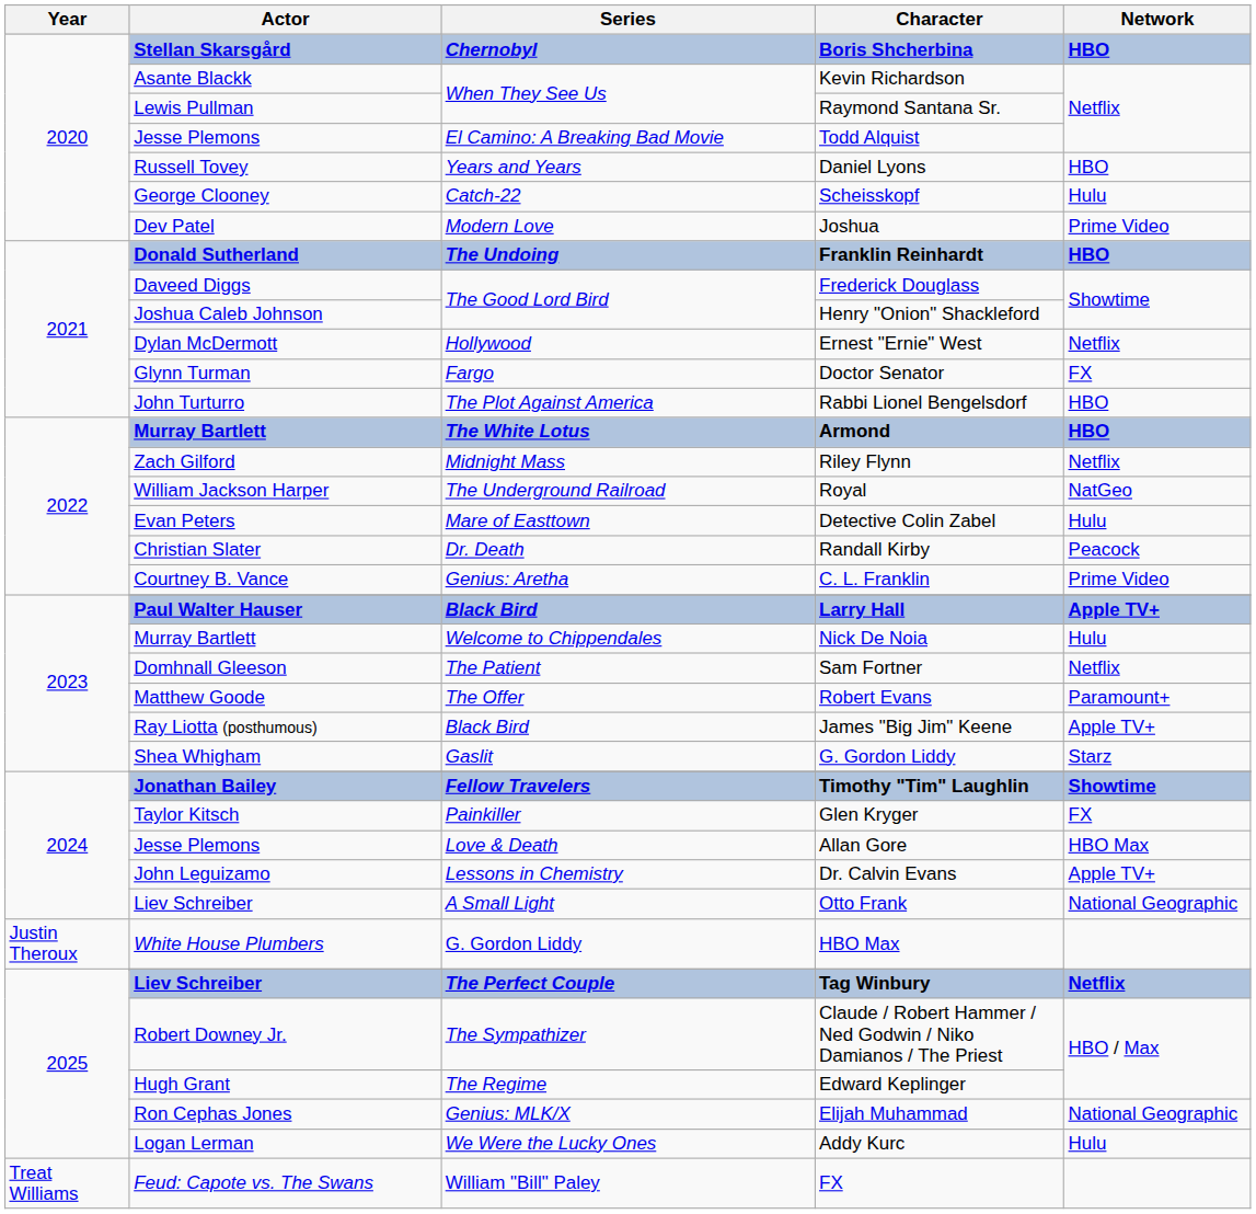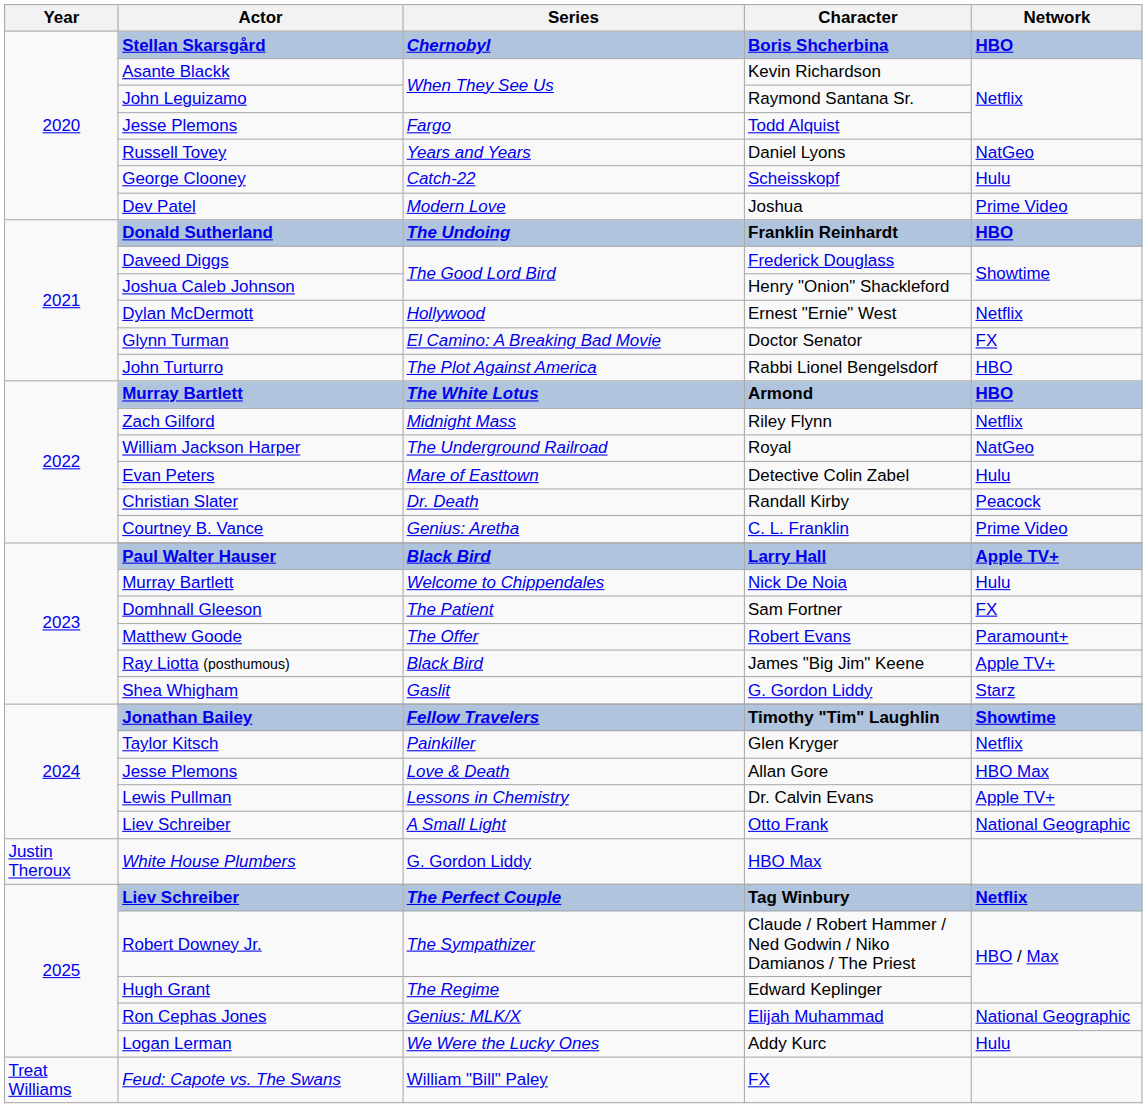 <table class="wikitable" style="width:85%">
 <tr style="background:#bebebe;">
 <th style="width:10%;">Year</th>
 <th style="wodth:25%;">Actor</th>
 <th style="width:30%;">Series</th>
 <th style="width:20%;">Character</th>
 <th style="width:15%;">Network</th>
 </tr>
 <tr>
 <td rowspan="7" style="text-align:center;"><a href='#'>2020</a><br></td>
 <td style="background:#B0C4DE;"><strong><a href='#'>Stellan Skarsgård</a></strong></td>
 <td style="background:#B0C4DE;"><strong><em><a href='#'>Chernobyl</a></em></strong></td>
 <td style="background:#B0C4DE;"><strong><a href='#'>Boris Shcherbina</a></strong></td>
 <td style="background:#B0C4DE;"><strong><a href='#'>HBO</a></strong></td>
 </tr>
 <tr>
 <td><a href='#'>Asante Blackk</a></td>
 <td rowspan="2"><em><a href='#'>When They See Us</a></em></td>
 <td>Kevin Richardson</td>
 <td rowspan="3"><a href='#'>Netflix</a></td>
 </tr>
 <tr>
-<td><a href='#'>Lewis Pullman</a></td>
+<td><a href='#'>John Leguizamo</a></td>
 <td>Raymond Santana Sr.</td>
 </tr>
 <tr>
 <td><a href='#'>Jesse Plemons</a></td>
-<td><em><a href='#'>El Camino: A Breaking Bad Movie</a></em></td>
+<td><em><a href='#'>Fargo</a></em></td>
 <td><a href='#'>Todd Alquist</a></td>
 </tr>
 <tr>
 <td><a href='#'>Russell Tovey</a></td>
 <td><em><a href='#'>Years and Years</a></em></td>
 <td>Daniel Lyons</td>
-<td><a href='#'>HBO</a></td>
+<td><a href='#'>NatGeo</a></td>
 </tr>
 <tr>
 <td><a href='#'>George Clooney</a></td>
 <td><em><a href='#'>Catch-22</a></em></td>
 <td><a href='#'>Scheisskopf</a></td>
 <td><a href='#'>Hulu</a></td>
 </tr>
 <tr>
 <td><a href='#'>Dev Patel</a></td>
 <td><em><a href='#'>Modern Love</a></em></td>
 <td>Joshua</td>
 <td><a href='#'>Prime Video</a></td>
 </tr>
 <tr>
 <td rowspan="6" style="text-align:center;"><a href='#'>2021</a><br></td>
 <td style="background:#B0C4DE;"><strong><a href='#'>Donald Sutherland</a></strong></td>
 <td style="background:#B0C4DE;"><strong><em><a href='#'>The Undoing</a></em></strong></td>
 <td style="background:#B0C4DE;"><strong>Franklin Reinhardt</strong></td>
 <td style="background:#B0C4DE;"><strong><a href='#'>HBO</a></strong></td>
 </tr>
 <tr>
 <td><a href='#'>Daveed Diggs</a></td>
 <td rowspan="2"><em><a href='#'>The Good Lord Bird</a></em></td>
 <td><a href='#'>Frederick Douglass</a></td>
 <td rowspan="2"><a href='#'>Showtime</a></td>
 </tr>
 <tr>
 <td><a href='#'>Joshua Caleb Johnson</a></td>
 <td>Henry "Onion" Shackleford</td>
 </tr>
 <tr>
 <td><a href='#'>Dylan McDermott</a></td>
 <td><em><a href='#'>Hollywood</a></em></td>
 <td>Ernest "Ernie" West</td>
 <td><a href='#'>Netflix</a></td>
 </tr>
 <tr>
 <td><a href='#'>Glynn Turman</a></td>
-<td><em><a href='#'>Fargo</a></em></td>
+<td><em><a href='#'>El Camino: A Breaking Bad Movie</a></em></td>
 <td>Doctor Senator</td>
 <td><a href='#'>FX</a></td>
 </tr>
 <tr>
 <td><a href='#'>John Turturro</a></td>
 <td><em><a href='#'>The Plot Against America</a></em></td>
 <td>Rabbi Lionel Bengelsdorf</td>
 <td><a href='#'>HBO</a></td>
 </tr>
 <tr>
 <td rowspan="6" style="text-align:center;"><a href='#'>2022</a><br></td>
 <td style="background:#B0C4DE;"><strong><a href='#'>Murray Bartlett</a></strong></td>
 <td style="background:#B0C4DE;"><strong><em><a href='#'>The White Lotus</a></em></strong></td>
 <td style="background:#B0C4DE;"><strong>Armond</strong></td>
 <td style="background:#B0C4DE;"><strong><a href='#'>HBO</a></strong></td>
 </tr>
 <tr>
 <td><a href='#'>Zach Gilford</a></td>
 <td><em><a href='#'>Midnight Mass</a></em></td>
 <td>Riley Flynn</td>
 <td><a href='#'>Netflix</a></td>
 </tr>
 <tr>
 <td><a href='#'>William Jackson Harper</a></td>
 <td><em><a href='#'>The Underground Railroad</a></em></td>
 <td>Royal</td>
 <td><a href='#'>NatGeo</a></td>
 </tr>
 <tr>
 <td><a href='#'>Evan Peters</a></td>
 <td><em><a href='#'>Mare of Easttown</a></em></td>
 <td>Detective Colin Zabel</td>
 <td><a href='#'>Hulu</a></td>
 </tr>
 <tr>
 <td><a href='#'>Christian Slater</a></td>
 <td><em><a href='#'>Dr. Death</a></em></td>
 <td>Randall Kirby</td>
 <td><a href='#'>Peacock</a></td>
 </tr>
 <tr>
 <td><a href='#'>Courtney B. Vance</a></td>
 <td><em><a href='#'>Genius: Aretha</a></em></td>
 <td><a href='#'>C. L. Franklin</a></td>
 <td><a href='#'>Prime Video</a></td>
 </tr>
 <tr>
 <td rowspan="7" style="text-align:center;"><a href='#'>2023</a><br></td>
 </tr>
 <tr style="background:#B0C4DE;">
 <td><strong><a href='#'>Paul Walter Hauser</a></strong></td>
 <td><strong><em><a href='#'>Black Bird</a></em></strong></td>
 <td><strong><a href='#'>Larry Hall</a></strong></td>
 <td><strong><a href='#'>Apple TV+</a></strong></td>
 </tr>
 <tr>
 <td><a href='#'>Murray Bartlett</a></td>
 <td><em><a href='#'>Welcome to Chippendales</a></em></td>
 <td><a href='#'>Nick De Noia</a></td>
 <td><a href='#'>Hulu</a></td>
 </tr>
 <tr>
 <td><a href='#'>Domhnall Gleeson</a></td>
 <td><em><a href='#'>The Patient</a></em></td>
 <td>Sam Fortner</td>
-<td><a href='#'>Netflix</a></td>
+<td><a href='#'>FX</a></td>
 </tr>
 <tr>
 <td><a href='#'>Matthew Goode</a></td>
 <td><em><a href='#'>The Offer</a></em></td>
 <td><a href='#'>Robert Evans</a></td>
 <td><a href='#'>Paramount+</a></td>
 </tr>
 <tr>
 <td><a href='#'>Ray Liotta</a> <small>(posthumous)</small></td>
 <td><em><a href='#'>Black Bird</a></em></td>
 <td>James "Big Jim" Keene</td>
 <td><a href='#'>Apple TV+</a></td>
 </tr>
 <tr>
 <td><a href='#'>Shea Whigham</a></td>
 <td><em><a href='#'>Gaslit</a></em></td>
 <td><a href='#'>G. Gordon Liddy</a></td>
 <td><a href='#'>Starz</a></td>
 </tr>
 <tr>
 <td rowspan="7" style="text-align:center;"><a href='#'>2024</a><br></td>
 </tr>
 <tr>
 </tr>
 <tr style="background:#B0C4DE;">
 <td><strong><a href='#'>Jonathan Bailey</a></strong></td>
 <td><strong><em><a href='#'>Fellow Travelers</a></em></strong></td>
 <td><strong>Timothy "Tim" Laughlin</strong></td>
 <td><strong><a href='#'>Showtime</a></strong></td>
 </tr>
 <tr>
 <td><a href='#'>Taylor Kitsch</a></td>
 <td><em><a href='#'>Painkiller</a></em></td>
 <td>Glen Kryger</td>
-<td><a href='#'>FX</a></td>
+<td><a href='#'>Netflix</a></td>
 </tr>
 <tr>
 <td><a href='#'>Jesse Plemons</a></td>
 <td><em><a href='#'>Love & Death</a></em></td>
 <td>Allan Gore</td>
 <td><a href='#'>HBO Max</a></td>
 </tr>
 <tr>
-<td><a href='#'>John Leguizamo</a></td>
+<td><a href='#'>Lewis Pullman</a></td>
 <td><em><a href='#'>Lessons in Chemistry</a></em></td>
 <td>Dr. Calvin Evans</td>
 <td><a href='#'>Apple TV+</a></td>
 </tr>
 <tr>
 <td><a href='#'>Liev Schreiber</a></td>
 <td><em><a href='#'>A Small Light</a></em></td>
 <td><a href='#'>Otto Frank</a></td>
 <td><a href='#'>National Geographic</a></td>
 </tr>
 <tr>
 <td><a href='#'>Justin Theroux</a></td>
 <td><em><a href='#'>White House Plumbers</a></em></td>
 <td><a href='#'>G. Gordon Liddy</a></td>
 <td><a href='#'>HBO Max</a></td>
 </tr>
 <tr>
 <td rowspan="7" style="text-align:center;"><a href='#'>2025</a><br></td>
 </tr>
 <tr>
 </tr>
 <tr style="background:#B0C4DE;">
 <td><strong><a href='#'>Liev Schreiber</a></strong></td>
 <td><strong><em><a href='#'>The Perfect Couple</a></em></strong></td>
 <td><strong>Tag Winbury</strong></td>
 <td><strong><a href='#'>Netflix</a></strong></td>
 </tr>
 <tr>
 <td><a href='#'>Robert Downey Jr.</a></td>
 <td><em><a href='#'>The Sympathizer</a></em></td>
 <td>Claude / Robert Hammer / Ned Godwin / Niko Damianos / The Priest</td>
 <td rowspan="2"><a href='#'>HBO</a> / <a href='#'>Max</a></td>
 </tr>
 <tr>
 <td><a href='#'>Hugh Grant</a></td>
 <td><em><a href='#'>The Regime</a></em></td>
 <td>Edward Keplinger</td>
 </tr>
 <tr>
 <td><a href='#'>Ron Cephas Jones</a> </td>
 <td><em><a href='#'>Genius: MLK/X</a></em></td>
 <td><a href='#'>Elijah Muhammad</a></td>
 <td><a href='#'>National Geographic</a></td>
 </tr>
 <tr>
 <td><a href='#'>Logan Lerman</a></td>
 <td><em><a href='#'>We Were the Lucky Ones</a></em></td>
 <td>Addy Kurc</td>
 <td><a href='#'>Hulu</a></td>
 </tr>
 <tr>
 <td><a href='#'>Treat Williams</a> </td>
 <td><em><a href='#'>Feud: Capote vs. The Swans</a></em></td>
 <td><a href='#'>William "Bill" Paley</a></td>
 <td><a href='#'>FX</a></td>
 </tr>
 </table>
